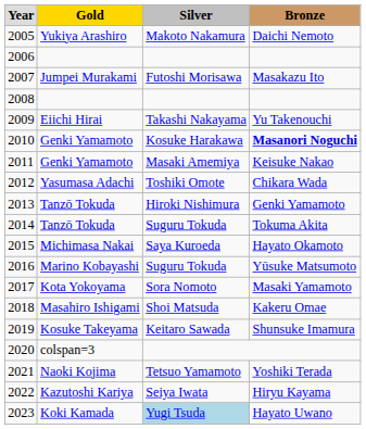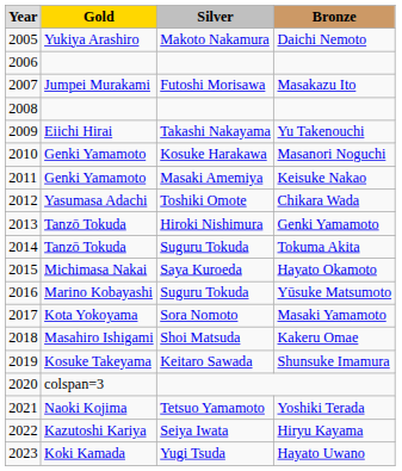 <table class="wikitable" style="text-align:left;">
 <tr>
 <td style="background:#DDDDDD; font-weight:bold; text-align:center;">Year</td>
 <td style="background:gold;font-weight:bold; text-align:center;">Gold</td>
 <td style="background:silver; font-weight:bold; text-align:center;">Silver</td>
 <td style="background:#cc9966; font-weight:bold; text-align:center;">Bronze</td>
 </tr>
 <tr>
 <td>2005</td>
 <td><a href='#'>Yukiya Arashiro</a></td>
 <td><a href='#'>Makoto Nakamura</a></td>
 <td><a href='#'>Daichi Nemoto</a></td>
 </tr>
 <tr>
 <td>2006</td>
 <td></td>
 <td></td>
 <td></td>
 </tr>
 <tr>
 <td>2007</td>
 <td><a href='#'>Jumpei Murakami</a></td>
 <td><a href='#'>Futoshi Morisawa</a></td>
 <td><a href='#'>Masakazu Ito</a></td>
 </tr>
 <tr>
 <td>2008</td>
 <td></td>
 <td></td>
 <td></td>
 </tr>
 <tr>
 <td>2009</td>
 <td><a href='#'>Eiichi Hirai</a></td>
 <td><a href='#'>Takashi Nakayama</a></td>
 <td><a href='#'>Yu Takenouchi</a></td>
 </tr>
 <tr>
 <td>2010</td>
 <td><a href='#'>Genki Yamamoto</a></td>
 <td><a href='#'>Kosuke Harakawa</a></td>
-<td><strong><a href='#'>Masanori Noguchi</a></strong></td>
+<td><a href='#'>Masanori Noguchi</a></td>
 </tr>
 <tr>
 <td>2011</td>
 <td><a href='#'>Genki Yamamoto</a></td>
 <td><a href='#'>Masaki Amemiya</a></td>
 <td><a href='#'>Keisuke Nakao</a></td>
 </tr>
 <tr>
 <td>2012</td>
 <td><a href='#'>Yasumasa Adachi</a></td>
 <td><a href='#'>Toshiki Omote</a></td>
 <td><a href='#'>Chikara Wada</a></td>
 </tr>
 <tr>
 <td>2013</td>
 <td><a href='#'>Tanzō Tokuda</a></td>
 <td><a href='#'>Hiroki Nishimura</a></td>
 <td><a href='#'>Genki Yamamoto</a></td>
 </tr>
 <tr>
 <td>2014</td>
 <td><a href='#'>Tanzō Tokuda</a></td>
 <td><a href='#'>Suguru Tokuda</a></td>
 <td><a href='#'>Tokuma Akita</a></td>
 </tr>
 <tr>
 <td>2015</td>
 <td><a href='#'>Michimasa Nakai</a></td>
 <td><a href='#'>Saya Kuroeda</a></td>
 <td><a href='#'>Hayato Okamoto</a></td>
 </tr>
 <tr>
 <td>2016</td>
 <td><a href='#'>Marino Kobayashi</a></td>
 <td><a href='#'>Suguru Tokuda</a></td>
 <td><a href='#'>Yūsuke Matsumoto</a></td>
 </tr>
 <tr>
 <td>2017</td>
 <td><a href='#'>Kota Yokoyama</a></td>
 <td><a href='#'>Sora Nomoto</a></td>
 <td><a href='#'>Masaki Yamamoto</a></td>
 </tr>
 <tr>
 <td>2018</td>
 <td><a href='#'>Masahiro Ishigami</a></td>
 <td><a href='#'>Shoi Matsuda</a></td>
 <td><a href='#'>Kakeru Omae</a></td>
 </tr>
 <tr>
 <td>2019</td>
 <td><a href='#'>Kosuke Takeyama</a></td>
 <td><a href='#'>Keitaro Sawada</a></td>
 <td><a href='#'>Shunsuke Imamura</a></td>
 </tr>
 <tr>
 <td>2020</td>
 <td>colspan=3 </td>
 </tr>
 <tr>
 <td>2021</td>
 <td><a href='#'>Naoki Kojima</a></td>
 <td><a href='#'>Tetsuo Yamamoto</a></td>
 <td><a href='#'>Yoshiki Terada</a></td>
 </tr>
 <tr>
 <td>2022</td>
 <td><a href='#'>Kazutoshi Kariya</a></td>
 <td><a href='#'>Seiya Iwata</a></td>
 <td><a href='#'>Hiryu Kayama</a></td>
 </tr>
 <tr>
 <td>2023</td>
 <td><a href='#'>Koki Kamada</a></td>
-<td style="background: lightblue;"><a href='#'>Yugi Tsuda</a></td>
+<td><a href='#'>Yugi Tsuda</a></td>
 <td><a href='#'>Hayato Uwano</a></td>
 </tr>
 </table>
